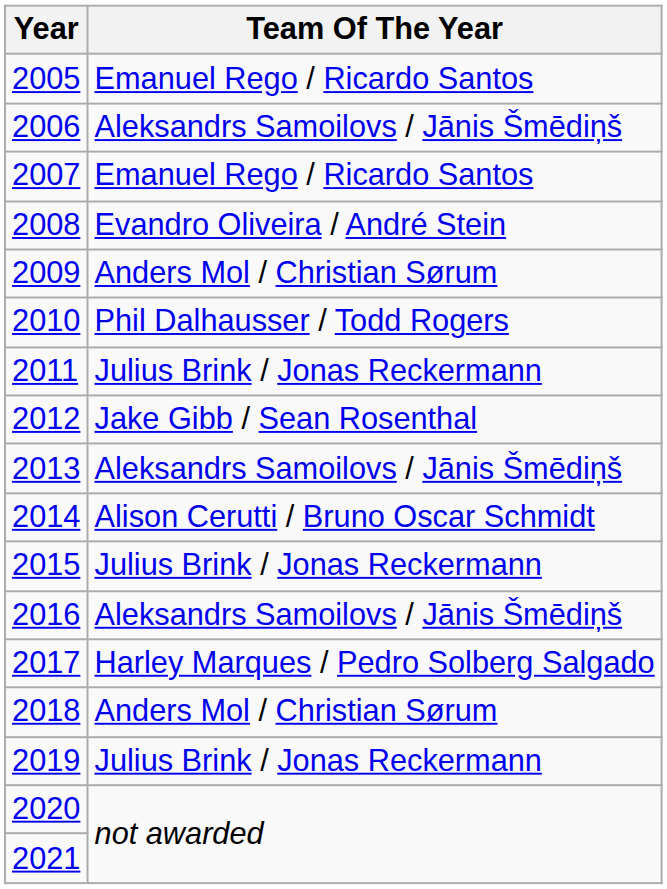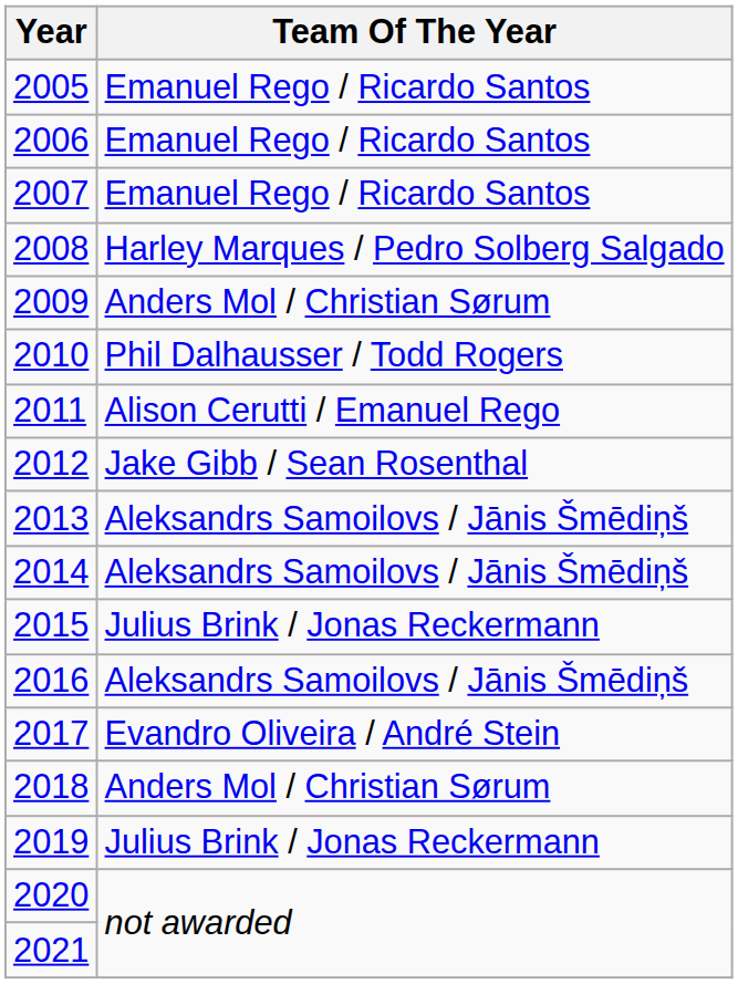 <table class="wikitable sortable" style="display:inline-table;">
 <tr>
 <th>Year</th>
 <th>Team Of The Year</th>
 </tr>
 <tr>
 <td><a href='#'>2005</a></td>
 <td> <a href='#'>Emanuel Rego</a> / <a href='#'>Ricardo Santos</a> </td>
 </tr>
 <tr>
 <td><a href='#'>2006</a></td>
-<td> <a href='#'>Aleksandrs Samoilovs</a> / <a href='#'>Jānis Šmēdiņš</a> </td>
+<td> <a href='#'>Emanuel Rego</a> / <a href='#'>Ricardo Santos</a> </td>
 </tr>
 <tr>
 <td><a href='#'>2007</a></td>
 <td> <a href='#'>Emanuel Rego</a> / <a href='#'>Ricardo Santos</a> </td>
 </tr>
 <tr>
 <td><a href='#'>2008</a></td>
-<td> <a href='#'>Evandro Oliveira</a> / <a href='#'>André Stein</a></td>
+<td> <a href='#'>Harley Marques</a> / <a href='#'>Pedro Solberg Salgado</a></td>
 </tr>
 <tr>
 <td><a href='#'>2009</a></td>
 <td> <a href='#'>Anders Mol</a> / <a href='#'>Christian Sørum</a> </td>
 </tr>
 <tr>
 <td><a href='#'>2010</a></td>
 <td> <a href='#'>Phil Dalhausser</a> / <a href='#'>Todd Rogers</a></td>
 </tr>
 <tr>
 <td><a href='#'>2011</a></td>
-<td> <a href='#'>Julius Brink</a> / <a href='#'>Jonas Reckermann</a></td>
+<td> <a href='#'>Alison Cerutti</a> / <a href='#'>Emanuel Rego</a></td>
 </tr>
 <tr>
 <td><a href='#'>2012</a></td>
 <td> <a href='#'>Jake Gibb</a> / <a href='#'>Sean Rosenthal</a></td>
 </tr>
 <tr>
 <td><a href='#'>2013</a></td>
 <td> <a href='#'>Aleksandrs Samoilovs</a> / <a href='#'>Jānis Šmēdiņš</a> </td>
 </tr>
 <tr>
 <td><a href='#'>2014</a></td>
-<td> <a href='#'>Alison Cerutti</a> / <a href='#'>Bruno Oscar Schmidt</a></td>
+<td> <a href='#'>Aleksandrs Samoilovs</a> / <a href='#'>Jānis Šmēdiņš</a> </td>
 </tr>
 <tr>
 <td><a href='#'>2015</a></td>
 <td> <a href='#'>Julius Brink</a> / <a href='#'>Jonas Reckermann</a></td>
 </tr>
 <tr>
 <td><a href='#'>2016</a></td>
 <td> <a href='#'>Aleksandrs Samoilovs</a> / <a href='#'>Jānis Šmēdiņš</a> </td>
 </tr>
 <tr>
 <td><a href='#'>2017</a></td>
-<td> <a href='#'>Harley Marques</a> / <a href='#'>Pedro Solberg Salgado</a></td>
+<td> <a href='#'>Evandro Oliveira</a> / <a href='#'>André Stein</a></td>
 </tr>
 <tr>
 <td><a href='#'>2018</a></td>
 <td> <a href='#'>Anders Mol</a> / <a href='#'>Christian Sørum</a> </td>
 </tr>
 <tr>
 <td><a href='#'>2019</a></td>
 <td> <a href='#'>Julius Brink</a> / <a href='#'>Jonas Reckermann</a></td>
 </tr>
 <tr>
 <td><a href='#'>2020</a></td>
 <td rowspan=2><em>not awarded</em></td>
 </tr>
 <tr>
 <td><a href='#'>2021</a></td>
 </tr>
 </table>
